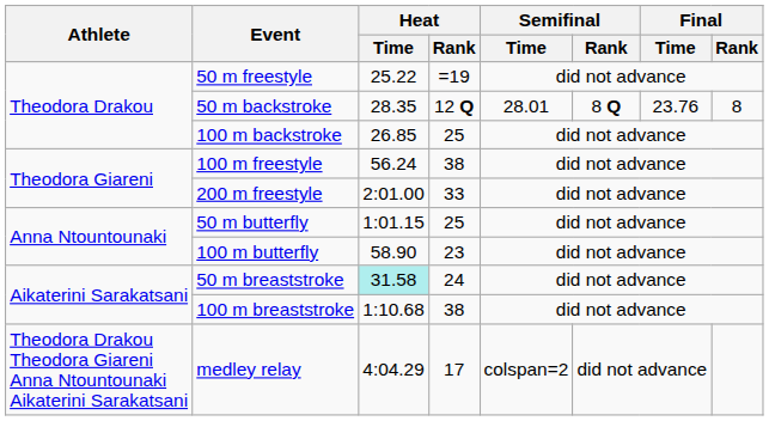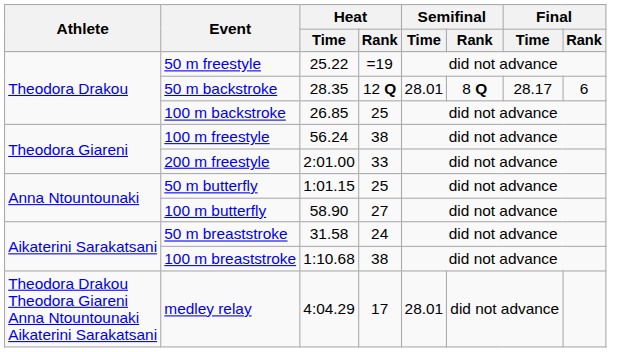 <table class=wikitable style="font-size:90%">
 <tr>
 <th rowspan="2">Athlete</th>
 <th rowspan="2">Event</th>
 <th colspan="2">Heat</th>
 <th colspan="2">Semifinal</th>
 <th colspan="2">Final</th>
 </tr>
 <tr style="font-size:95%">
 <th>Time</th>
 <th>Rank</th>
 <th>Time</th>
 <th>Rank</th>
 <th>Time</th>
 <th>Rank</th>
 </tr>
 <tr align=center>
 <td align=left rowspan=3><a href='#'>Theodora Drakou</a></td>
 <td align=left><a href='#'>50 m freestyle</a></td>
 <td>25.22</td>
 <td>=19</td>
 <td colspan=4>did not advance</td>
 </tr>
 <tr align=center>
 <td align=left><a href='#'>50 m backstroke</a></td>
 <td>28.35</td>
 <td>12 <strong>Q</strong></td>
 <td>28.01</td>
 <td>8 <strong>Q</strong></td>
-<td>23.76</td>
-<td>8</td>
+<td>28.17</td>
+<td>6</td>
 </tr>
 <tr align=center>
 <td align=left><a href='#'>100 m backstroke</a></td>
 <td>26.85</td>
 <td>25</td>
 <td colspan=4>did not advance</td>
 </tr>
 <tr align=center>
 <td align=left rowspan=2><a href='#'>Theodora Giareni</a></td>
 <td align=left><a href='#'>100 m freestyle</a></td>
 <td>56.24</td>
 <td>38</td>
 <td colspan=4>did not advance</td>
 </tr>
 <tr align=center>
 <td align=left><a href='#'>200 m freestyle</a></td>
 <td>2:01.00</td>
 <td>33</td>
 <td colspan=4>did not advance</td>
 </tr>
 <tr align=center>
 <td align=left rowspan=2><a href='#'>Anna Ntountounaki</a></td>
 <td align=left><a href='#'>50 m butterfly</a></td>
 <td>1:01.15</td>
 <td>25</td>
 <td colspan=4>did not advance</td>
 </tr>
 <tr align=center>
 <td align=left><a href='#'>100 m butterfly</a></td>
 <td>58.90</td>
-<td>23</td>
+<td>27</td>
 <td colspan=4>did not advance</td>
 </tr>
 <tr align=center>
 <td align=left rowspan=2><a href='#'>Aikaterini Sarakatsani</a></td>
 <td align=left><a href='#'>50 m breaststroke</a></td>
-<td style="background: paleturquoise;">31.58</td>
+<td>31.58</td>
 <td>24</td>
 <td colspan=4>did not advance</td>
 </tr>
 <tr align=center>
 <td align=left><a href='#'>100 m breaststroke</a></td>
 <td>1:10.68</td>
 <td>38</td>
 <td colspan=4>did not advance</td>
 </tr>
 <tr align=center>
 <td align=left><a href='#'>Theodora Drakou</a><br><a href='#'>Theodora Giareni</a><br><a href='#'>Anna Ntountounaki</a><br><a href='#'>Aikaterini Sarakatsani</a></td>
 <td align=left><a href='#'> medley relay</a></td>
 <td>4:04.29</td>
 <td>17</td>
-<td>colspan=2 </td>
+<td>28.01</td>
 <td colspan=2>did not advance</td>
 </tr>
 </table>
